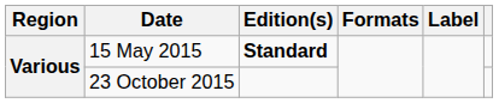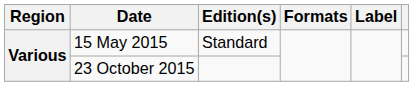 <table class="wikitable plainrowheaders">
 <tr>
 <th scope="col">Region</th>
 <th scope="col">Date</th>
 <th scope="col">Edition(s)</th>
 <th scope="col">Formats</th>
 <th scope="col">Label</th>
 <th scope="col"></th>
 </tr>
 <tr>
 <th rowspan="2" scope="row">Various</th>
 <td>15 May 2015</td>
-<td><strong>Standard</strong></td>
+<td>Standard</td>
 <td rowspan="2"></td>
 <td rowspan="2"></td>
 <td style="text-align:center;"></td>
 </tr>
 <tr>
 <td>23 October 2015</td>
 <td></td>
 <td style="text-align:center;"></td>
 </tr>
 </table>
